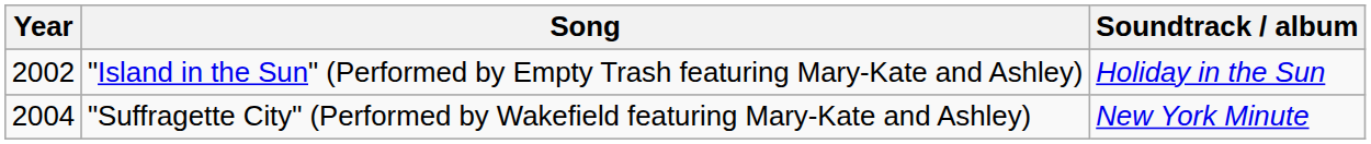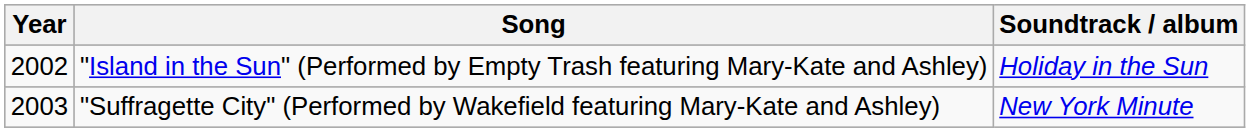 <table class="wikitable">
 <tr>
 <th>Year</th>
 <th>Song</th>
 <th>Soundtrack / album</th>
 </tr>
 <tr>
 <td>2002</td>
 <td>"<a href='#'>Island in the Sun</a>" (Performed by Empty Trash featuring Mary-Kate and Ashley)</td>
 <td><em><a href='#'>Holiday in the Sun</a></em></td>
 </tr>
 <tr>
-<td>2004</td>
+<td>2003</td>
 <td>"Suffragette City" (Performed by Wakefield featuring Mary-Kate and Ashley)</td>
 <td><em><a href='#'>New York Minute</a></em></td>
 </tr>
 </table>
